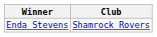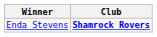 <table class="wikitable" style="text-align:center">
 <tr>
 <th>Winner</th>
 <th>Club</th>
 </tr>
 <tr>
 <td align="left"> <a href='#'>Enda Stevens</a></td>
-<td align="left"><a href='#'>Shamrock Rovers</a></td>
+<td align="left"><strong><a href='#'>Shamrock Rovers</a></strong></td>
 </tr>
 </table>
